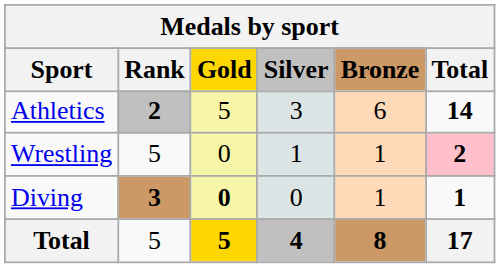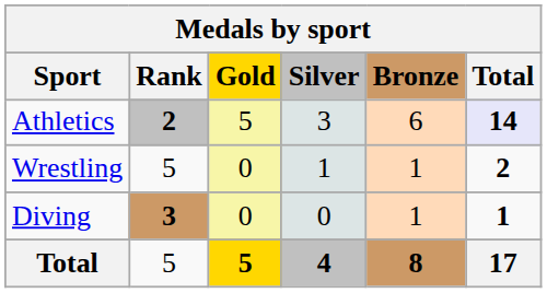 <table class="wikitable sortable collapsible"style="font-size:90%; text-align:center;">
 <tr style="background:#efefef;">
 <th colspan=6>Medals by sport</th>
 </tr>
 <tr>
 <th><strong>Sport</strong></th>
 <th><strong>Rank</strong></th>
 <th style="background-color:gold;"><strong>Gold </strong></th>
 <th style="background-color:silver;"><strong>Silver </strong></th>
 <th style="background-color:#c96;"><strong>Bronze </strong></th>
 <th><strong>Total</strong></th>
 </tr>
 <tr>
 <td align=left> <a href='#'>Athletics</a></td>
 <th style="background-color:silver;"><strong>2</strong></th>
 <td style="background:#F7F6A8;">5</td>
 <td style="background:#DCE5E5;">3</td>
 <td style="background:#FFDAB9;">6</td>
-<td><strong>14</strong></td>
+<td style="background: lavender;"><strong>14</strong></td>
 </tr>
 <tr>
 <td align=left> <a href='#'>Wrestling</a></td>
 <td>5</td>
 <td style="background:#F7F6A8;">0</td>
 <td style="background:#DCE5E5;">1</td>
 <td style="background:#FFDAB9;">1</td>
-<td style="background: pink;"><strong>2</strong></td>
+<td><strong>2</strong></td>
 </tr>
 <tr>
 <td align=left> <a href='#'>Diving</a></td>
 <td style="background-color:#c96;"><strong>3</strong></td>
-<td style="background:#F7F6A8;"><strong>0</strong></td>
+<td style="background:#F7F6A8;">0</td>
 <td style="background:#DCE5E5;">0</td>
 <td style="background:#FFDAB9;">1</td>
 <td><strong>1</strong></td>
 </tr>
 <tr>
 <th>Total</th>
 <td>5</td>
 <th style="background:gold;">5</th>
 <th style="background:silver;">4</th>
 <th style="background:#c96;">8</th>
 <th>17</th>
 </tr>
 </table>
